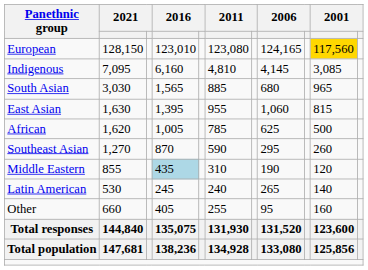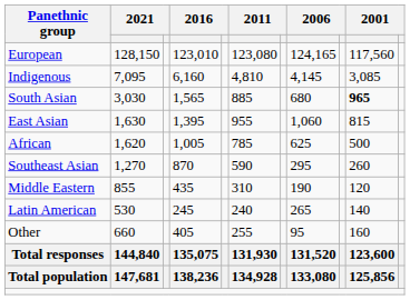 <table class="wikitable collapsible sortable">
 <tr>
 <th rowspan="2"><a href='#'>Panethnic</a><br>group</th>
 <th colspan="2">2021</th>
 <th colspan="2">2016</th>
 <th colspan="2">2011</th>
 <th colspan="2">2006</th>
 <th colspan="2">2001</th>
 </tr>
 <tr>
 <th><a href='#'></a></th>
 <th></th>
 <th></th>
 <th></th>
 <th></th>
 <th></th>
 <th></th>
 <th></th>
 <th></th>
 <th></th>
 </tr>
 <tr>
 <td><a href='#'>European</a></td>
 <td>128,150</td>
 <td></td>
 <td>123,010</td>
 <td></td>
 <td>123,080</td>
 <td></td>
 <td>124,165</td>
 <td></td>
-<td style="background: gold;">117,560</td>
+<td>117,560</td>
 <td></td>
 </tr>
 <tr>
 <td><a href='#'>Indigenous</a></td>
 <td>7,095</td>
 <td></td>
 <td>6,160</td>
 <td></td>
 <td>4,810</td>
 <td></td>
 <td>4,145</td>
 <td></td>
 <td>3,085</td>
 <td></td>
 </tr>
 <tr>
 <td><a href='#'>South Asian</a></td>
 <td>3,030</td>
 <td></td>
 <td>1,565</td>
 <td></td>
 <td>885</td>
 <td></td>
 <td>680</td>
 <td></td>
-<td>965</td>
+<td><strong>965</strong></td>
 <td></td>
 </tr>
 <tr>
 <td><a href='#'>East Asian</a></td>
 <td>1,630</td>
 <td></td>
 <td>1,395</td>
 <td></td>
 <td>955</td>
 <td></td>
 <td>1,060</td>
 <td></td>
 <td>815</td>
 <td></td>
 </tr>
 <tr>
 <td><a href='#'>African</a></td>
 <td>1,620</td>
 <td></td>
 <td>1,005</td>
 <td></td>
 <td>785</td>
 <td></td>
 <td>625</td>
 <td></td>
 <td>500</td>
 <td></td>
 </tr>
 <tr>
 <td><a href='#'>Southeast Asian</a></td>
 <td>1,270</td>
 <td></td>
 <td>870</td>
 <td></td>
 <td>590</td>
 <td></td>
 <td>295</td>
 <td></td>
 <td>260</td>
 <td></td>
 </tr>
 <tr>
 <td><a href='#'>Middle Eastern</a></td>
 <td>855</td>
 <td></td>
-<td style="background: lightblue;">435</td>
+<td>435</td>
 <td></td>
 <td>310</td>
 <td></td>
 <td>190</td>
 <td></td>
 <td>120</td>
 <td></td>
 </tr>
 <tr>
 <td><a href='#'>Latin American</a></td>
 <td>530</td>
 <td></td>
 <td>245</td>
 <td></td>
 <td>240</td>
 <td></td>
 <td>265</td>
 <td></td>
 <td>140</td>
 <td></td>
 </tr>
 <tr>
 <td>Other</td>
 <td>660</td>
 <td></td>
 <td>405</td>
 <td></td>
 <td>255</td>
 <td></td>
 <td>95</td>
 <td></td>
 <td>160</td>
 <td></td>
 </tr>
 <tr>
 <th>Total responses</th>
 <th>144,840</th>
 <th></th>
 <th>135,075</th>
 <th></th>
 <th>131,930</th>
 <th></th>
 <th>131,520</th>
 <th></th>
 <th>123,600</th>
 <th></th>
 </tr>
 <tr>
 <th>Total population</th>
 <th>147,681</th>
 <th></th>
 <th>138,236</th>
 <th></th>
 <th>134,928</th>
 <th></th>
 <th>133,080</th>
 <th></th>
 <th>125,856</th>
 <th></th>
 </tr>
 <tr class="sortbottom">
 <td colspan="15"></td>
 </tr>
 </table>
